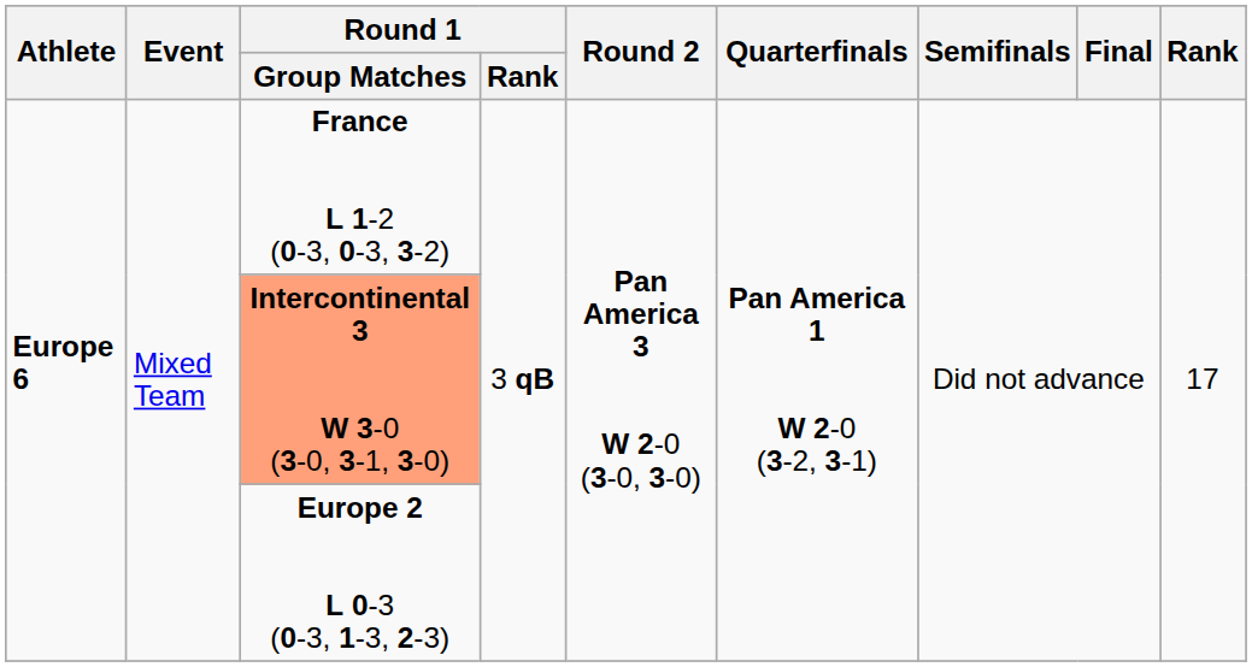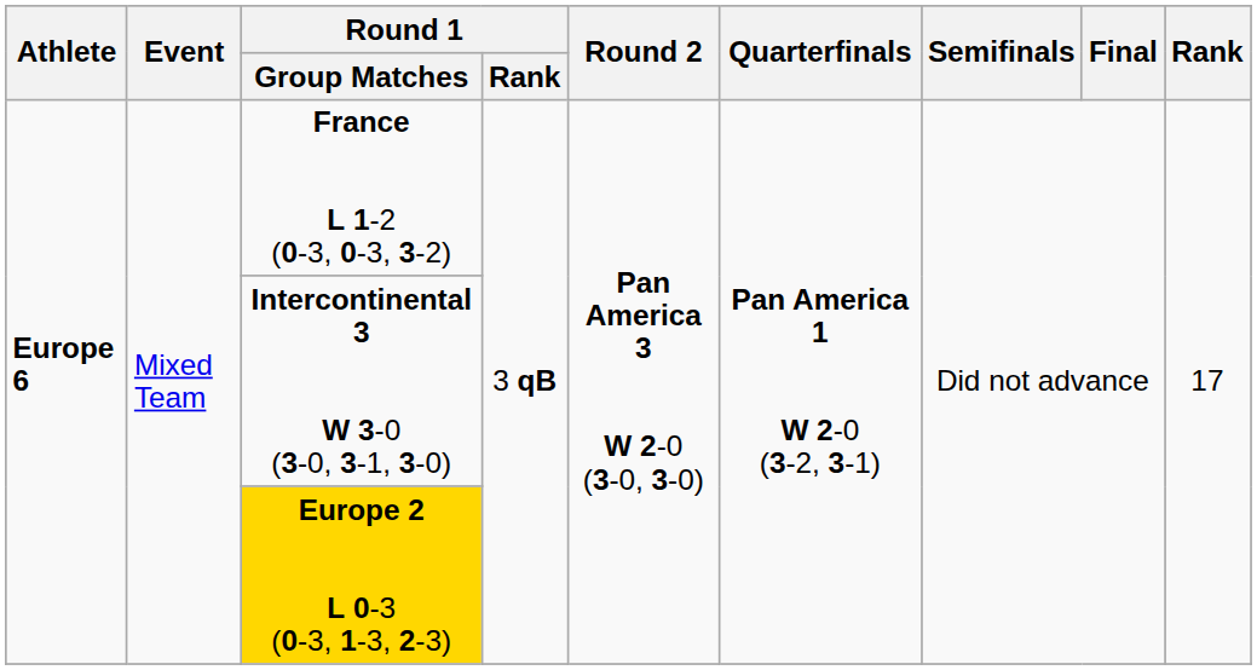 <table class="wikitable" border="1" style="font-size:90%">
 <tr>
 <th rowspan=2>Athlete</th>
 <th rowspan=2>Event</th>
 <th colspan=2>Round 1</th>
 <th rowspan=2>Round 2</th>
 <th rowspan=2>Quarterfinals</th>
 <th rowspan=2>Semifinals</th>
 <th rowspan=2>Final</th>
 <th rowspan=2>Rank</th>
 </tr>
 <tr>
 <th>Group Matches</th>
 <th>Rank</th>
 </tr>
 <tr>
 <td rowspan=3><strong>Europe 6</strong><br><br></td>
 <td rowspan=3><a href='#'>Mixed Team</a></td>
 <td align=center><strong>France</strong><br><br><br> <strong>L</strong> <strong>1</strong>-2 <br> (<strong>0</strong>-3, <strong>0</strong>-3, <strong>3</strong>-2)</td>
 <td rowspan=3 align=center>3 <strong>qB</strong></td>
 <td align=center rowspan=3><strong>Pan America 3</strong><br><br><br> <strong>W</strong> <strong>2</strong>-0 <br> (<strong>3</strong>-0, <strong>3</strong>-0)</td>
 <td align=center rowspan=3><strong>Pan America 1</strong><br><br><br> <strong>W</strong> <strong>2</strong>-0 <br> (<strong>3</strong>-2, <strong>3</strong>-1)</td>
 <td rowspan=3 colspan=2 align=center>Did not advance</td>
 <td rowspan=3 align=center>17</td>
 </tr>
 <tr>
-<td align=center style="background: lightsalmon;"><strong>Intercontinental 3</strong><br><br><br> <strong>W</strong> <strong>3</strong>-0 <br> (<strong>3</strong>-0, <strong>3</strong>-1, <strong>3</strong>-0)</td>
+<td align=center><strong>Intercontinental 3</strong><br><br><br> <strong>W</strong> <strong>3</strong>-0 <br> (<strong>3</strong>-0, <strong>3</strong>-1, <strong>3</strong>-0)</td>
 </tr>
 <tr>
-<td align=center><strong>Europe 2</strong><br><br><br> <strong>L</strong> <strong>0</strong>-3 <br> (<strong>0</strong>-3, <strong>1</strong>-3, <strong>2</strong>-3)</td>
+<td align=center style="background: gold;"><strong>Europe 2</strong><br><br><br> <strong>L</strong> <strong>0</strong>-3 <br> (<strong>0</strong>-3, <strong>1</strong>-3, <strong>2</strong>-3)</td>
 </tr>
 </table>
